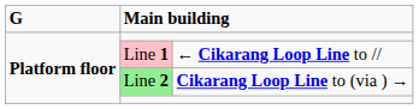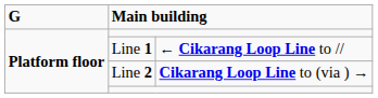 <table class="wikitable">
 <tr>
 <td><strong>G</strong></td>
 <td colspan="2"><strong>Main building</strong></td>
 </tr>
 <tr>
 <td rowspan="4"><strong>Platform floor</strong></td>
 <td colspan="2"></td>
 </tr>
 <tr>
-<td style="background: pink;">Line <strong>1</strong></td>
+<td>Line <strong>1</strong></td>
 <td>←   <strong><a href='#'>Cikarang Loop Line</a></strong> to //</td>
 </tr>
 <tr>
-<td style="background: lightgreen;">Line <strong>2</strong></td>
+<td>Line <strong>2</strong></td>
 <td> <strong><a href='#'>Cikarang Loop Line</a></strong> to  (via )  →</td>
 </tr>
 <tr>
 <td colspan="2"></td>
 </tr>
 </table>
